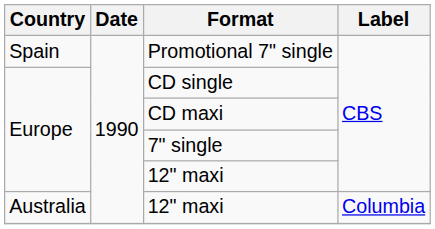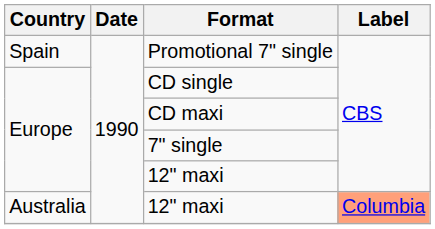 <table class=wikitable>
 <tr>
 <th>Country</th>
 <th>Date</th>
 <th>Format</th>
 <th>Label</th>
 </tr>
 <tr>
 <td>Spain</td>
 <td rowspan="6">1990</td>
 <td>Promotional 7" single</td>
 <td rowspan="5"><a href='#'>CBS</a></td>
 </tr>
 <tr>
 <td rowspan="4">Europe</td>
 <td>CD single</td>
 </tr>
 <tr>
 <td>CD maxi</td>
 </tr>
 <tr>
 <td>7" single</td>
 </tr>
 <tr>
 <td>12" maxi</td>
 </tr>
 <tr>
 <td>Australia</td>
 <td>12" maxi</td>
-<td><a href='#'>Columbia</a></td>
+<td style="background: lightsalmon;"><a href='#'>Columbia</a></td>
 </tr>
 <tr>
 </tr>
 </table>
